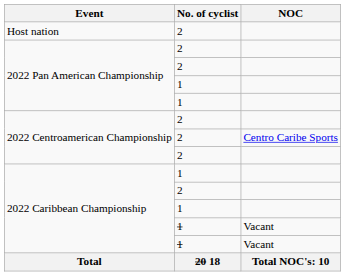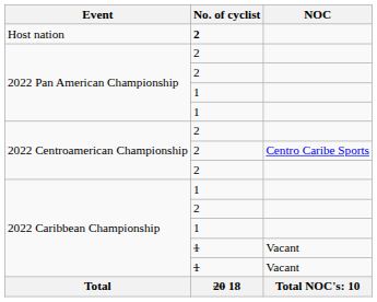 <table class="wikitable">
 <tr>
 <th>Event</th>
 <th>No. of cyclist</th>
 <th>NOC</th>
 </tr>
 <tr>
 <td>Host nation</td>
-<td>2</td>
+<td><strong>2</strong></td>
 <td></td>
 </tr>
 <tr>
 <td rowspan="4">2022 Pan American Championship</td>
 <td>2</td>
 <td></td>
 </tr>
 <tr>
 <td>2</td>
 <td></td>
 </tr>
 <tr>
 <td>1</td>
 <td></td>
 </tr>
 <tr>
 <td>1</td>
 <td></td>
 </tr>
 <tr>
 <td rowspan="3">2022 Centroamerican Championship</td>
 <td>2</td>
 <td></td>
 </tr>
 <tr>
 <td>2</td>
 <td><a href='#'>Centro Caribe Sports</a></td>
 </tr>
 <tr>
 <td>2</td>
 <td></td>
 </tr>
 <tr>
 <td rowspan="5">2022 Caribbean Championship</td>
 <td>1</td>
 <td></td>
 </tr>
 <tr>
 <td>2</td>
 <td></td>
 </tr>
 <tr>
 <td>1</td>
 <td></td>
 </tr>
 <tr>
 <td><s>1</s></td>
 <td>Vacant</td>
 </tr>
 <tr>
 <td><s>1</s></td>
 <td>Vacant</td>
 </tr>
 <tr>
 <th>Total</th>
 <th><s>20</s> 18</th>
 <th>Total NOC's: 10</th>
 </tr>
 </table>
